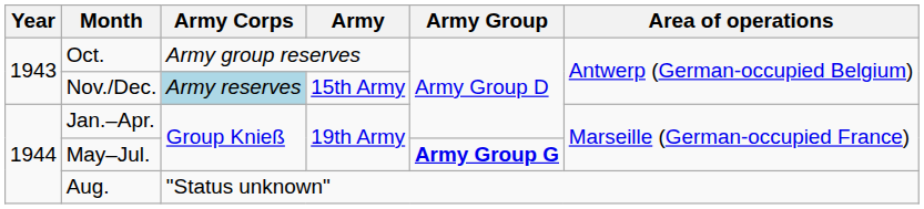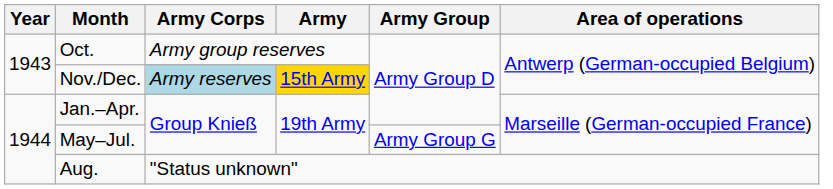 <table class="wikitable">
 <tr>
 <th>Year</th>
 <th>Month</th>
 <th>Army Corps</th>
 <th>Army</th>
 <th>Army Group</th>
 <th>Area of operations</th>
 </tr>
 <tr>
 <td rowspan="2">1943</td>
 <td>Oct.</td>
 <td colspan="2"><em>Army group reserves</em></td>
 <td rowspan="3"><a href='#'>Army Group D</a></td>
 <td rowspan="2"><a href='#'>Antwerp</a> (<a href='#'>German-occupied Belgium</a>)</td>
 </tr>
 <tr>
 <td>Nov./Dec.</td>
 <td style="background: lightblue;"><em>Army reserves</em></td>
-<td><a href='#'>15th Army</a></td>
+<td style="background: gold;"><a href='#'>15th Army</a></td>
 </tr>
 <tr>
 <td rowspan="3">1944</td>
 <td>Jan.–Apr.</td>
 <td rowspan="2"><a href='#'>Group Knieß</a></td>
 <td rowspan="2"><a href='#'>19th Army</a></td>
 <td rowspan="2"><a href='#'>Marseille</a> (<a href='#'>German-occupied France</a>)</td>
 </tr>
 <tr>
 <td>May–Jul.</td>
-<td><strong><a href='#'>Army Group G</a></strong></td>
+<td><a href='#'>Army Group G</a></td>
 </tr>
 <tr>
 <td>Aug.</td>
 <td colspan="4">"Status unknown"</td>
 </tr>
 </table>
